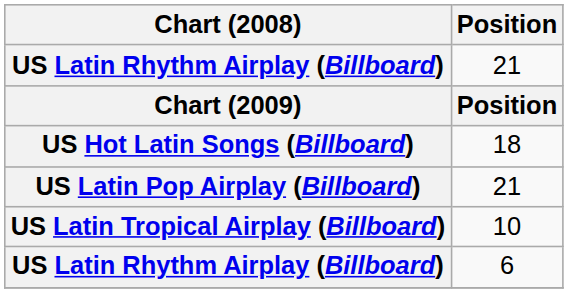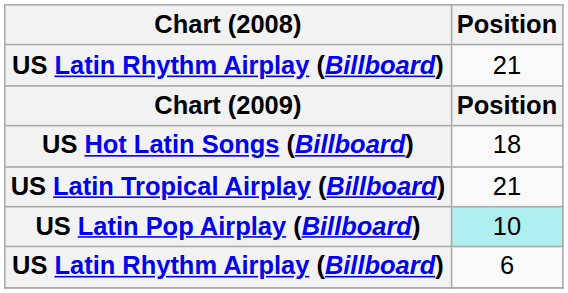 <table class="wikitable plainrowheaders " style="text-align:center;">
 <tr>
 <th scope="col">Chart (2008)</th>
 <th scope="col">Position</th>
 </tr>
 <tr>
 <th scope="row">US <a href='#'>Latin Rhythm Airplay</a> (<em><a href='#'>Billboard</a></em>)</th>
 <td>21</td>
 </tr>
 <tr>
 <th scope="col">Chart (2009)</th>
 <th scope="col">Position</th>
 </tr>
 <tr>
 <th scope="row">US <a href='#'>Hot Latin Songs</a> (<em><a href='#'>Billboard</a></em>)</th>
 <td>18</td>
 </tr>
 <tr>
-<th scope="row">US <a href='#'>Latin Pop Airplay</a> (<em><a href='#'>Billboard</a></em>)</th>
+<th scope="row">US <a href='#'>Latin Tropical Airplay</a> (<em><a href='#'>Billboard</a></em>)</th>
 <td>21</td>
 </tr>
 <tr>
-<th scope="row">US <a href='#'>Latin Tropical Airplay</a> (<em><a href='#'>Billboard</a></em>)</th>
-<td>10</td>
+<th scope="row">US <a href='#'>Latin Pop Airplay</a> (<em><a href='#'>Billboard</a></em>)</th>
+<td style="background: paleturquoise;">10</td>
 </tr>
 <tr>
 <th scope="row">US <a href='#'>Latin Rhythm Airplay</a> (<em><a href='#'>Billboard</a></em>)</th>
 <td>6</td>
 </tr>
 <tr>
 </tr>
 </table>
